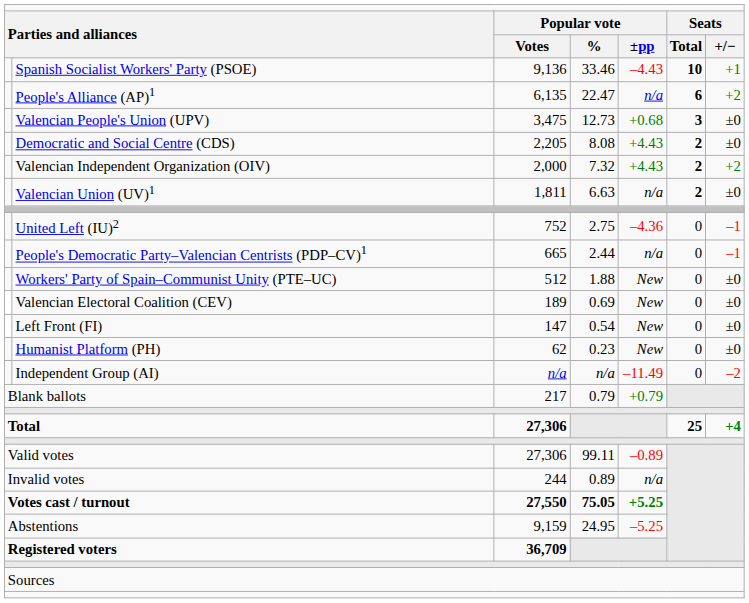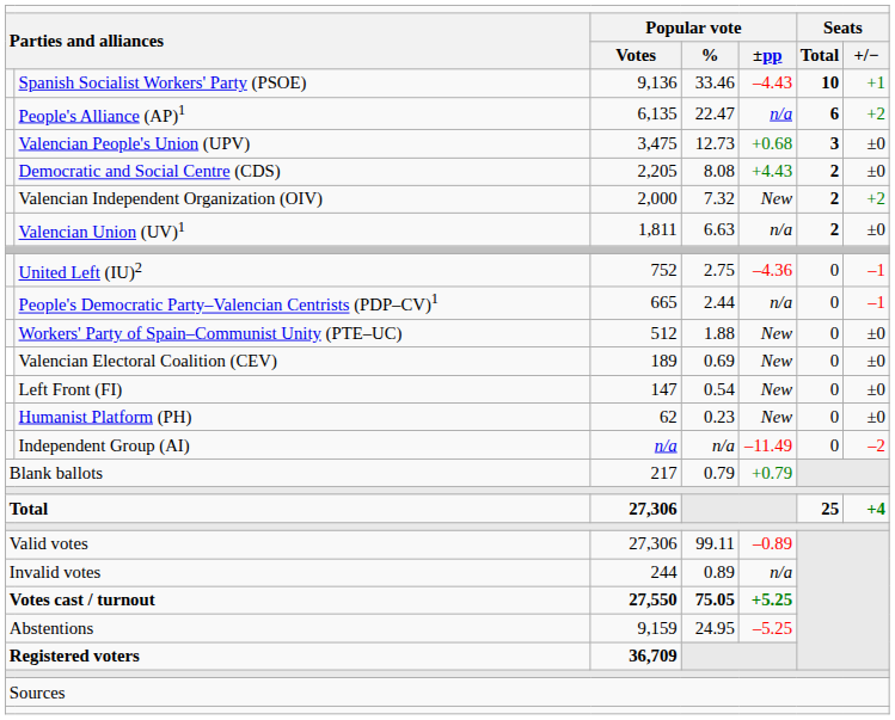 <table class="wikitable" style="text-align:right;">
 <tr>
 <td colspan="7"></td>
 </tr>
 <tr>
 <th style="text-align:left;" rowspan="2" colspan="2" width="525">Parties and alliances</th>
 <th colspan="3">Popular vote</th>
 <th colspan="2">Seats</th>
 </tr>
 <tr>
 <th width="75">Votes</th>
 <th width="45">%</th>
 <th width="45">±<a href='#'>pp</a></th>
 <th width="35">Total</th>
 <th width="35">+/−</th>
 </tr>
 <tr>
 <td width="1" style="color:inherit;background:"></td>
 <td align="left"><a href='#'>Spanish Socialist Workers' Party</a> (PSOE)</td>
 <td>9,136</td>
 <td>33.46</td>
 <td style="color:red;">–4.43</td>
 <td><strong>10</strong></td>
 <td style="color:green;">+1</td>
 </tr>
 <tr>
 <td style="color:inherit;background:"></td>
 <td align="left"><a href='#'>People's Alliance</a> (AP)<sup>1</sup></td>
 <td>6,135</td>
 <td>22.47</td>
 <td><em><a href='#'>n/a</a></em></td>
 <td><strong>6</strong></td>
 <td style="color:green;">+2</td>
 </tr>
 <tr>
 <td style="color:inherit;background:"></td>
 <td align="left"><a href='#'>Valencian People's Union</a> (UPV)</td>
 <td>3,475</td>
 <td>12.73</td>
 <td style="color:green;">+0.68</td>
 <td><strong>3</strong></td>
 <td>±0</td>
 </tr>
 <tr>
 <td style="color:inherit;background:"></td>
 <td align="left"><a href='#'>Democratic and Social Centre</a> (CDS)</td>
 <td>2,205</td>
 <td>8.08</td>
 <td style="color:green;">+4.43</td>
 <td><strong>2</strong></td>
 <td>±0</td>
 </tr>
 <tr>
 <td style="color:inherit;background:"></td>
 <td align="left">Valencian Independent Organization (OIV)</td>
 <td>2,000</td>
 <td>7.32</td>
-<td style="color:green;">+4.43</td>
+<td><em>New</em></td>
 <td><strong>2</strong></td>
 <td style="color:green;">+2</td>
 </tr>
 <tr>
 <td style="color:inherit;background:"></td>
 <td align="left"><a href='#'>Valencian Union</a> (UV)<sup>1</sup></td>
 <td>1,811</td>
 <td>6.63</td>
 <td><em>n/a</em></td>
 <td><strong>2</strong></td>
 <td>±0</td>
 </tr>
 <tr>
 <td colspan="7" bgcolor="#C0C0C0"></td>
 </tr>
 <tr>
 <td style="color:inherit;background:"></td>
 <td align="left"><a href='#'>United Left</a> (IU)<sup>2</sup></td>
 <td>752</td>
 <td>2.75</td>
 <td style="color:red;">–4.36</td>
 <td>0</td>
 <td style="color:red;">–1</td>
 </tr>
 <tr>
 <td style="color:inherit;background:"></td>
 <td align="left"><a href='#'>People's Democratic Party–Valencian Centrists</a> (PDP–CV)<sup>1</sup></td>
 <td>665</td>
 <td>2.44</td>
 <td><em>n/a</em></td>
 <td>0</td>
 <td style="color:red;">–1</td>
 </tr>
 <tr>
 <td style="color:inherit;background:"></td>
 <td align="left"><a href='#'>Workers' Party of Spain–Communist Unity</a> (PTE–UC)</td>
 <td>512</td>
 <td>1.88</td>
 <td><em>New</em></td>
 <td>0</td>
 <td>±0</td>
 </tr>
 <tr>
 <td bgcolor="white"></td>
 <td align="left">Valencian Electoral Coalition (CEV)</td>
 <td>189</td>
 <td>0.69</td>
 <td><em>New</em></td>
 <td>0</td>
 <td>±0</td>
 </tr>
 <tr>
 <td bgcolor="white"></td>
 <td align="left">Left Front (FI)</td>
 <td>147</td>
 <td>0.54</td>
 <td><em>New</em></td>
 <td>0</td>
 <td>±0</td>
 </tr>
 <tr>
 <td style="color:inherit;background:"></td>
 <td align="left"><a href='#'>Humanist Platform</a> (PH)</td>
 <td>62</td>
 <td>0.23</td>
 <td><em>New</em></td>
 <td>0</td>
 <td>±0</td>
 </tr>
 <tr>
 <td style="color:inherit;background:"></td>
 <td align="left">Independent Group (AI)</td>
 <td><em><a href='#'>n/a</a></em></td>
 <td><em>n/a</em></td>
 <td style="color:red;">–11.49</td>
 <td>0</td>
 <td style="color:red;">–2</td>
 </tr>
 <tr>
 <td align="left" colspan="2">Blank ballots</td>
 <td>217</td>
 <td>0.79</td>
 <td style="color:green;">+0.79</td>
 <td bgcolor="#E9E9E9" colspan="2"></td>
 </tr>
 <tr>
 <td colspan="7" bgcolor="#E9E9E9"></td>
 </tr>
 <tr style="font-weight:bold;">
 <td align="left" colspan="2">Total</td>
 <td>27,306</td>
 <td bgcolor="#E9E9E9" colspan="2"></td>
 <td>25</td>
 <td style="color:green;">+4</td>
 </tr>
 <tr>
 <td colspan="7" bgcolor="#E9E9E9"></td>
 </tr>
 <tr>
 <td align="left" colspan="2">Valid votes</td>
 <td>27,306</td>
 <td>99.11</td>
 <td style="color:red;">–0.89</td>
 <td bgcolor="#E9E9E9" colspan="2" rowspan="5"></td>
 </tr>
 <tr>
 <td align="left" colspan="2">Invalid votes</td>
 <td>244</td>
 <td>0.89</td>
 <td><em>n/a</em></td>
 </tr>
 <tr style="font-weight:bold;">
 <td align="left" colspan="2">Votes cast / turnout</td>
 <td>27,550</td>
 <td>75.05</td>
 <td style="color:green;">+5.25</td>
 </tr>
 <tr>
 <td align="left" colspan="2">Abstentions</td>
 <td>9,159</td>
 <td>24.95</td>
 <td style="color:red;">–5.25</td>
 </tr>
 <tr style="font-weight:bold;">
 <td align="left" colspan="2">Registered voters</td>
 <td>36,709</td>
 <td bgcolor="#E9E9E9" colspan="2"></td>
 </tr>
 <tr>
 <td colspan="7" bgcolor="#E9E9E9"></td>
 </tr>
 <tr>
 <td align="left" colspan="7">Sources</td>
 </tr>
 <tr>
 <td colspan="7" style="text-align:left; max-width:790px;"></td>
 </tr>
 </table>
